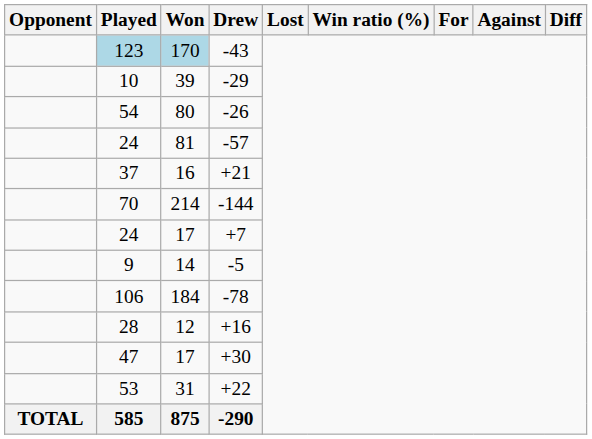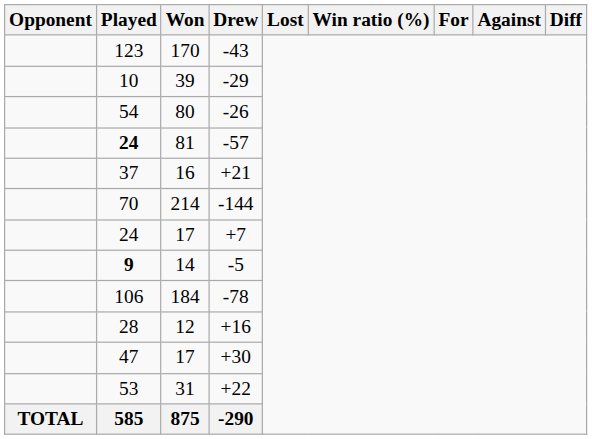 <table class="wikitable">
 <tr>
 <th>Opponent</th>
 <th>Played</th>
 <th>Won</th>
 <th>Drew</th>
 <th>Lost</th>
 <th>Win ratio (%)</th>
 <th>For</th>
 <th>Against</th>
 <th>Diff</th>
 </tr>
 <tr align=center>
 <td align=left><br></td>
-<td style="background: lightblue;">123</td>
-<td style="background: lightblue;">170</td>
+<td>123</td>
+<td>170</td>
 <td>-43</td>
 </tr>
 <tr align=center>
 <td align=left><br></td>
 <td>10</td>
 <td>39</td>
 <td>-29</td>
 </tr>
 <tr align=center>
 <td align=left><br></td>
 <td>54</td>
 <td>80</td>
 <td>-26</td>
 </tr>
 <tr align=center>
 <td align=left><br></td>
-<td>24</td>
+<td><strong>24</strong></td>
 <td>81</td>
 <td>-57</td>
 </tr>
 <tr align=center>
 <td align=left><br></td>
 <td>37</td>
 <td>16</td>
 <td>+21</td>
 </tr>
 <tr align=center>
 <td align=left><br></td>
 <td>70</td>
 <td>214</td>
 <td>-144</td>
 </tr>
 <tr align=center>
 <td align=left><br></td>
 <td>24</td>
 <td>17</td>
 <td>+7</td>
 </tr>
 <tr align=center>
 <td align=left><br></td>
-<td>9</td>
+<td><strong>9</strong></td>
 <td>14</td>
 <td>-5</td>
 </tr>
 <tr align=center>
 <td align=left><br></td>
 <td>106</td>
 <td>184</td>
 <td>-78</td>
 </tr>
 <tr align=center>
 <td align=left><br></td>
 <td>28</td>
 <td>12</td>
 <td>+16</td>
 </tr>
 <tr align=center>
 <td align=left><br></td>
 <td>47</td>
 <td>17</td>
 <td>+30</td>
 </tr>
 <tr align=center>
 <td align=left><br></td>
 <td>53</td>
 <td>31</td>
 <td>+22</td>
 </tr>
 <tr align=center>
 <th>TOTAL<br></th>
 <th>585</th>
 <th>875</th>
 <th>-290</th>
 </tr>
 </table>
